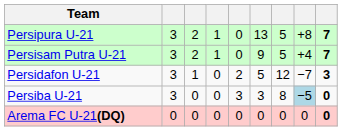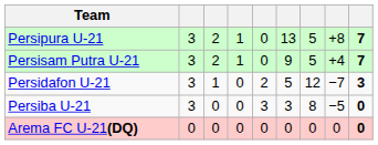 <table class="wikitable" style="text-align:center">
 <tr>
 <th width=190>Team</th>
 <th width=20></th>
 <th width=20></th>
 <th width=20></th>
 <th width=20></th>
 <th width=20></th>
 <th width=20></th>
 <th width=20></th>
 <th width=20></th>
 </tr>
 <tr style="background:#cfc;">
 <td align=left><a href='#'>Persipura U-21</a></td>
 <td>3</td>
 <td>2</td>
 <td>1</td>
 <td>0</td>
 <td>13</td>
 <td>5</td>
 <td>+8</td>
 <td><strong>7</strong></td>
 </tr>
 <tr style="background:#cfc;">
 <td align=left><a href='#'>Persisam Putra U-21</a></td>
 <td>3</td>
 <td>2</td>
 <td>1</td>
 <td>0</td>
 <td>9</td>
 <td>5</td>
 <td>+4</td>
 <td><strong>7</strong></td>
 </tr>
 <tr>
 <td align=left><a href='#'>Persidafon U-21</a></td>
 <td>3</td>
 <td>1</td>
 <td>0</td>
 <td>2</td>
 <td>5</td>
 <td>12</td>
 <td>−7</td>
 <td><strong>3</strong></td>
 </tr>
 <tr>
 <td align=left><a href='#'>Persiba U-21</a></td>
 <td>3</td>
 <td>0</td>
 <td>0</td>
 <td>3</td>
 <td>3</td>
 <td>8</td>
-<td style="background: lightblue;">−5</td>
+<td>−5</td>
 <td><strong>0</strong></td>
 </tr>
 <tr style="background:#fcc;">
 <td align=left><a href='#'>Arema FC U-21</a><strong>(DQ)</strong></td>
 <td>0</td>
 <td>0</td>
 <td>0</td>
 <td>0</td>
 <td>0</td>
 <td>0</td>
 <td>0</td>
 <td><strong>0</strong></td>
 </tr>
 </table>
